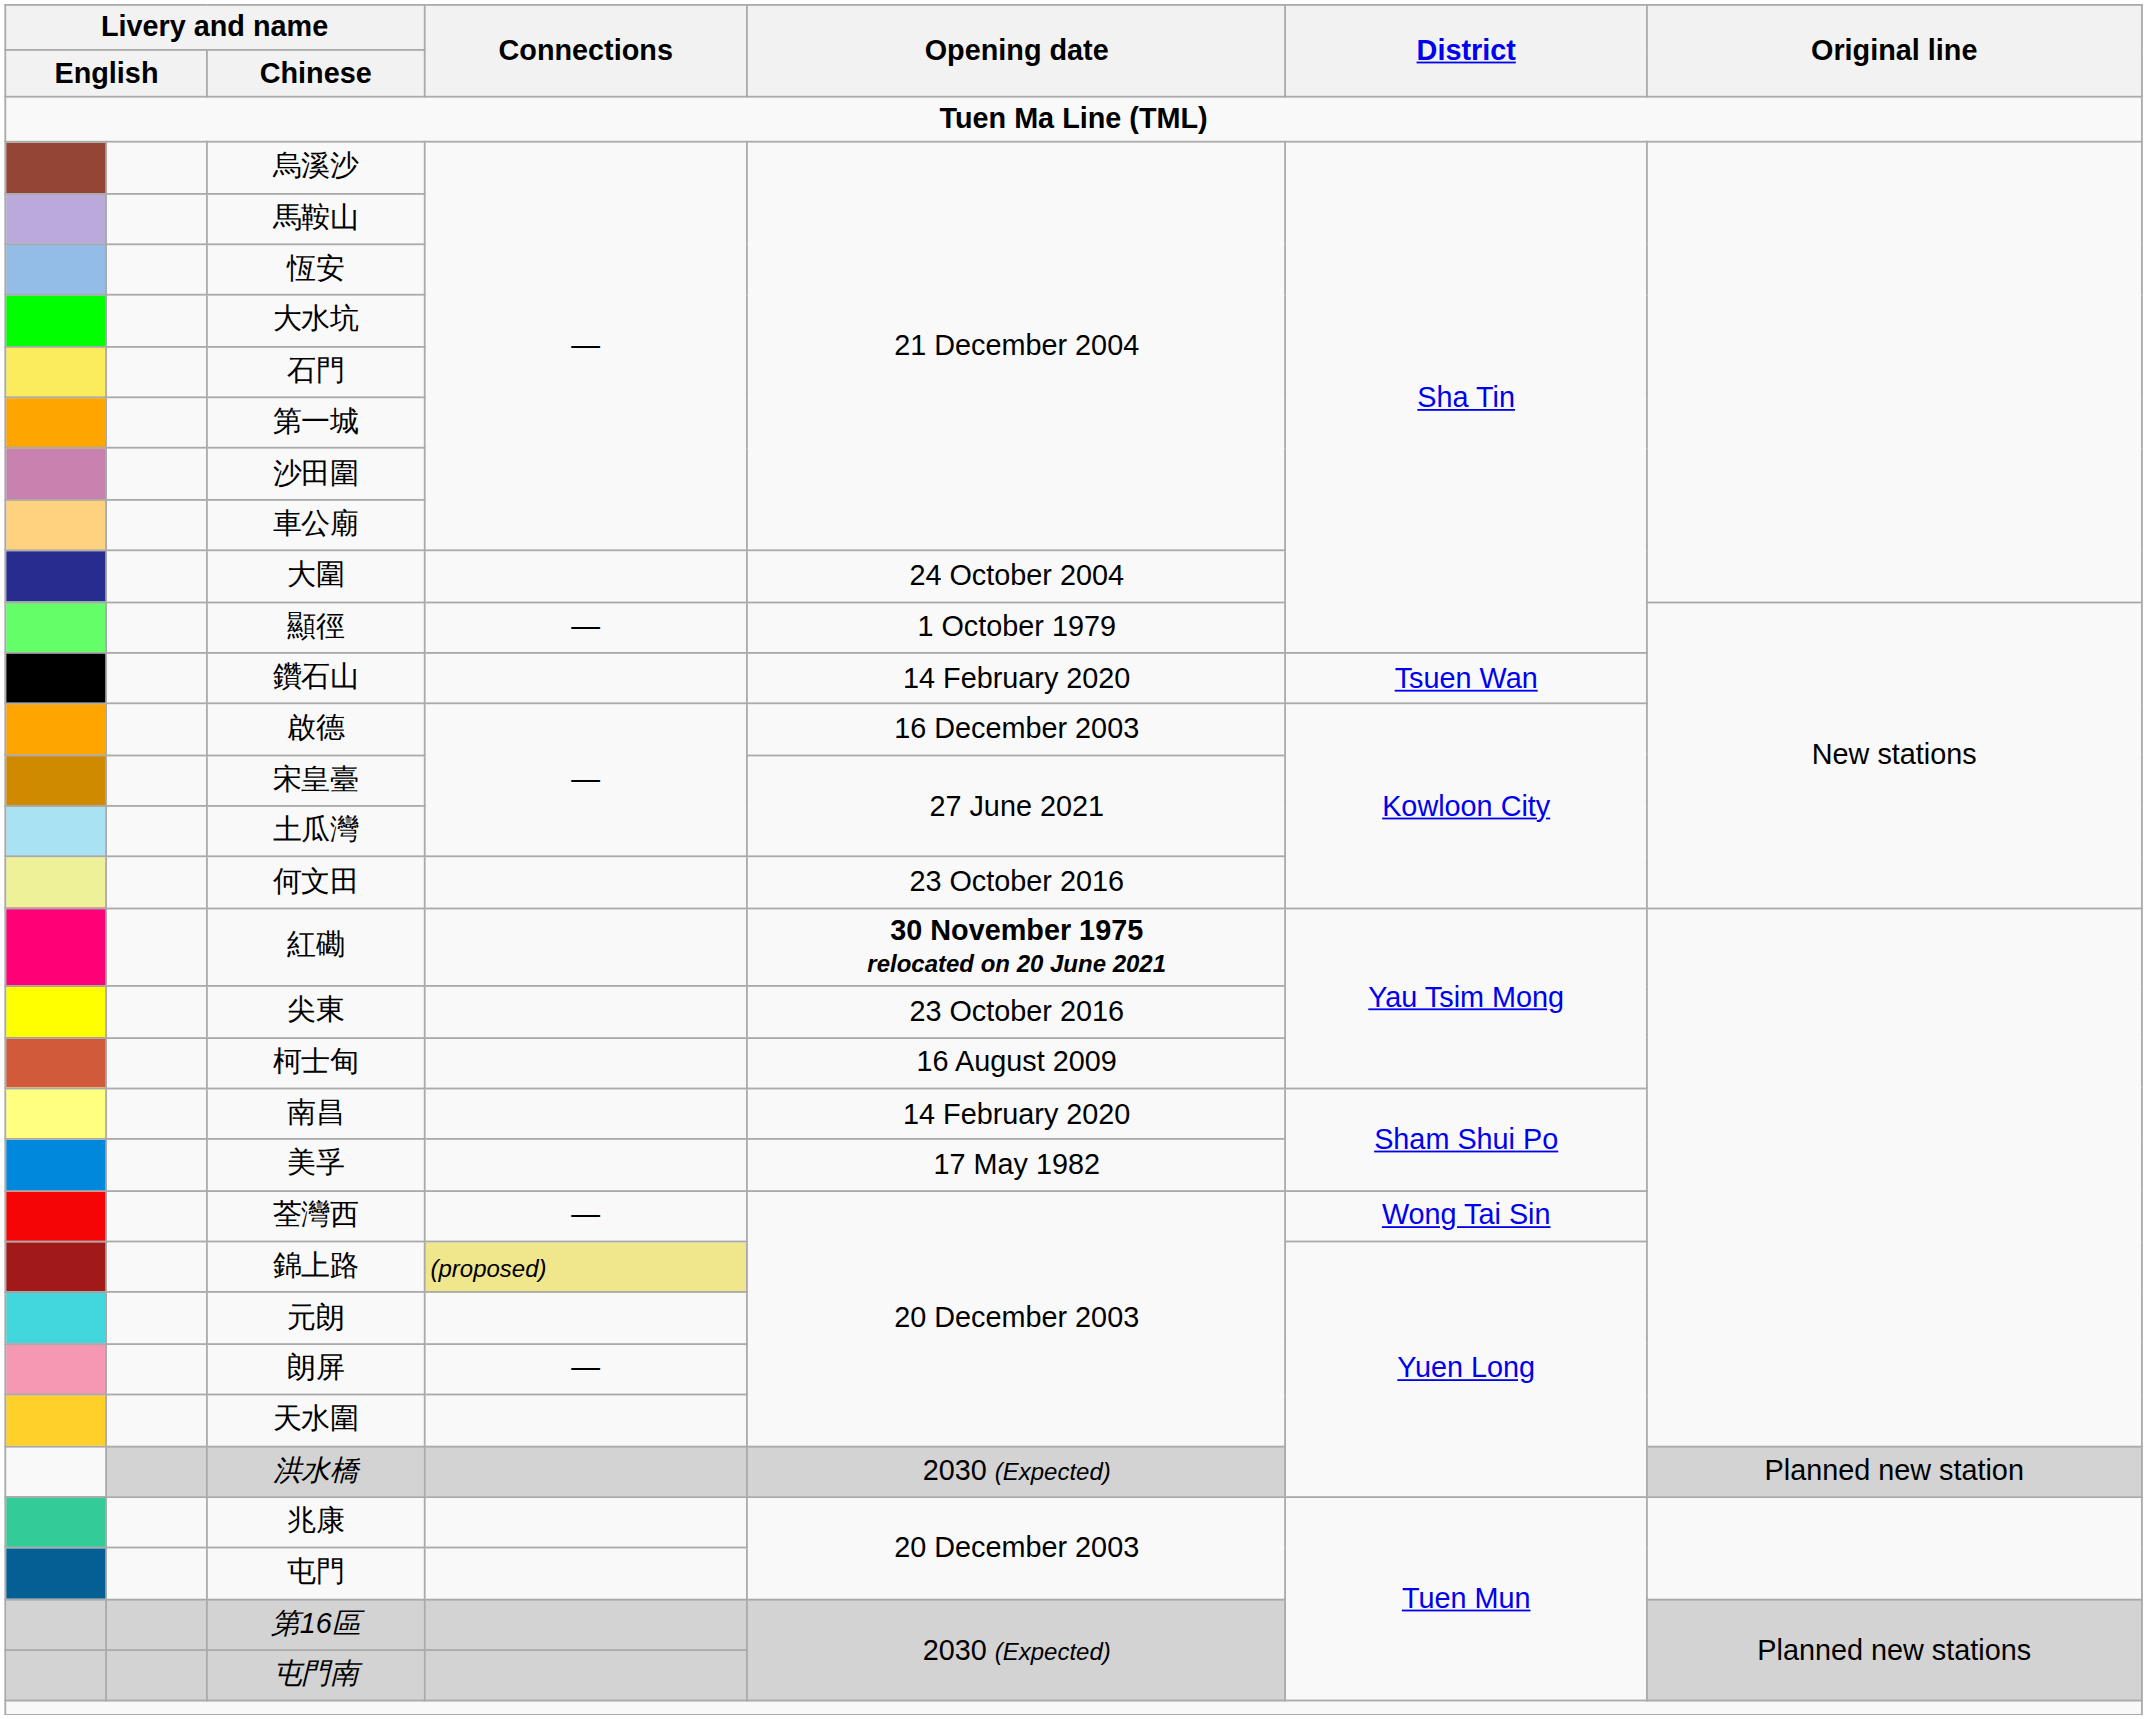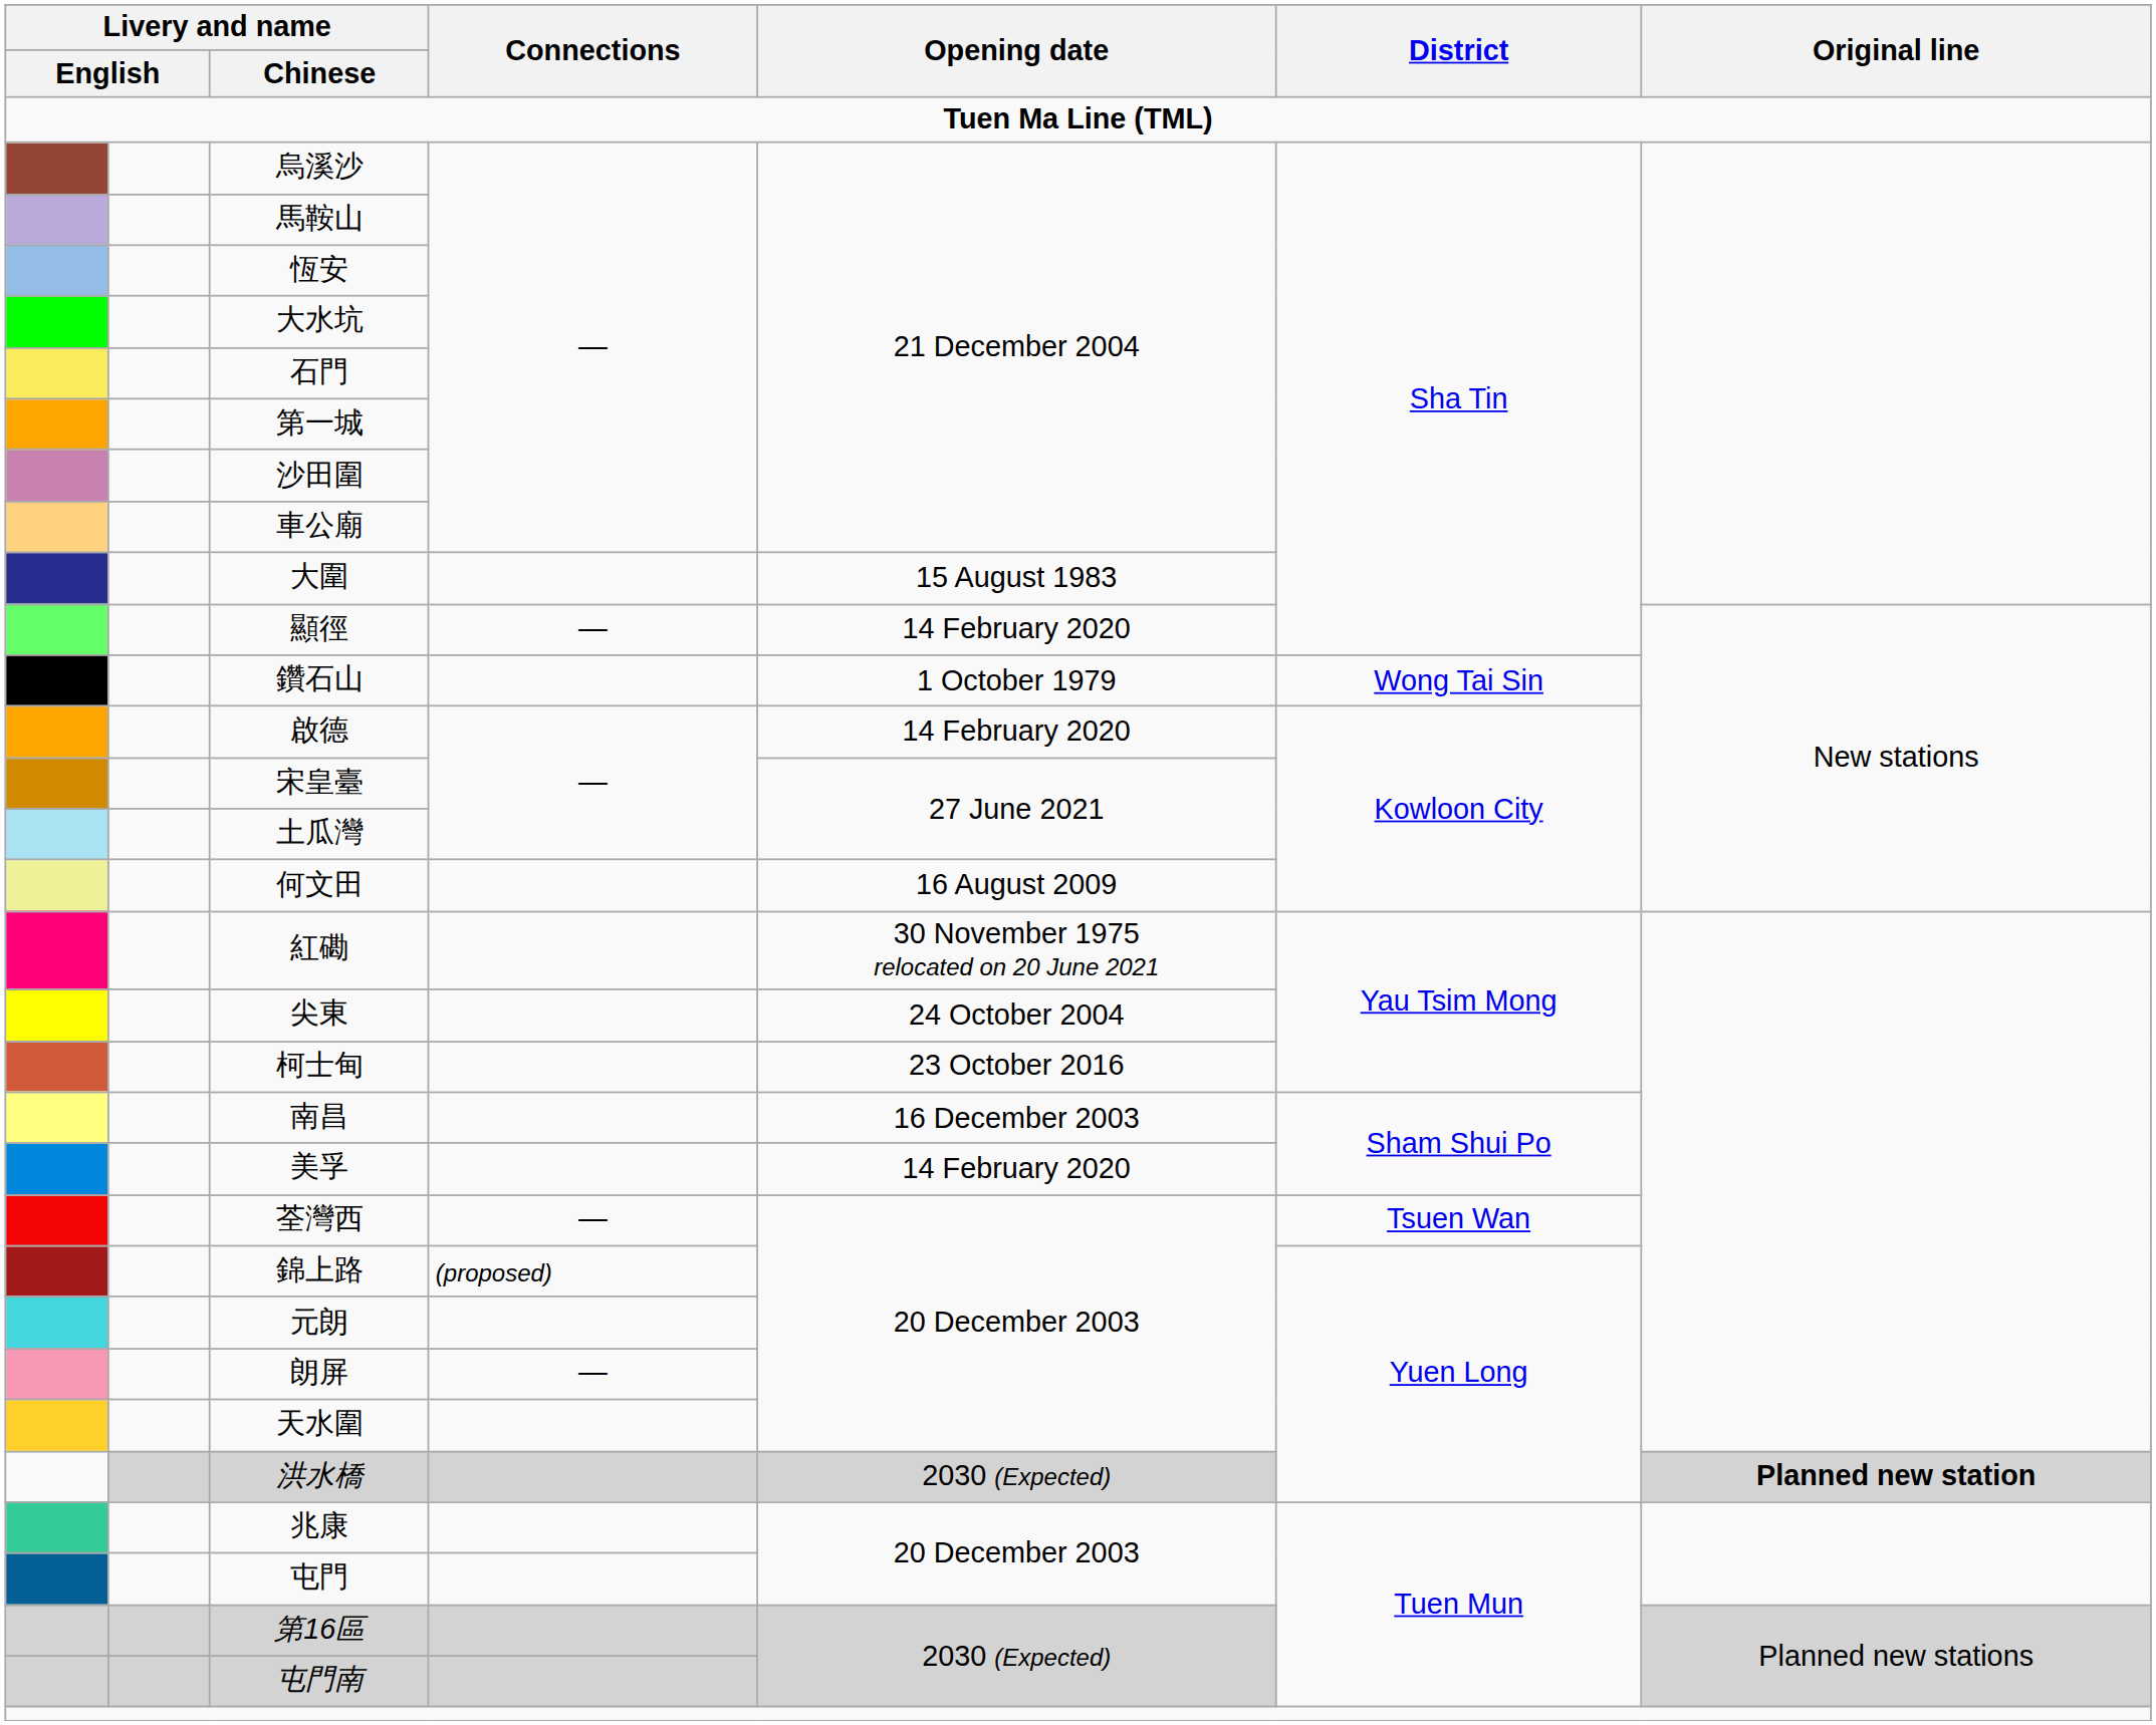 <table class="wikitable" style="width: 75%; margin: 0.5em auto; text-align: center">
 <tr>
 <th colspan="3">Livery and name</th>
 <th rowspan="2">Connections</th>
 <th rowspan="2">Opening date</th>
 <th rowspan="2"><a href='#'>District</a></th>
 <th rowspan="2">Original line</th>
 </tr>
 <tr>
 <th colspan="2">English</th>
 <th>Chinese</th>
 </tr>
 <tr>
 <td colspan = "7" style="text-align:center;"><strong><span>Tuen Ma Line (TML)</span></strong></td>
 </tr>
 <tr>
 <td style="background:#954535"></td>
 <td><strong></strong></td>
 <td>烏溪沙</td>
 <td rowspan="8">—</td>
 <td rowspan="8">21 December 2004</td>
 <td rowspan="10"><a href='#'>Sha Tin</a></td>
 <td rowspan="9"></td>
 </tr>
 <tr>
 <td style="background:#BAAADB"></td>
 <td><strong></strong></td>
 <td>馬鞍山</td>
 </tr>
 <tr>
 <td style="background:#93BCE6"></td>
 <td><strong></strong></td>
 <td>恆安</td>
 </tr>
 <tr>
 <td style="background:#00FF00"></td>
 <td><strong></strong></td>
 <td>大水坑</td>
 </tr>
 <tr>
 <td style="background:#FBEC5D"></td>
 <td><strong></strong></td>
 <td>石門</td>
 </tr>
 <tr>
 <td style="background:#FFA500"></td>
 <td><strong></strong></td>
 <td>第一城</td>
 </tr>
 <tr>
 <td style="background:#C882B0"></td>
 <td><strong></strong></td>
 <td>沙田圍</td>
 </tr>
 <tr>
 <td style="background:#FFD280"></td>
 <td><strong></strong></td>
 <td>車公廟</td>
 </tr>
 <tr>
 <td style="background:#282C8F"></td>
 <td><strong></strong></td>
 <td>大圍</td>
 <td style="text-align:left;"></td>
-<td>24 October 2004</td>
+<td rowspan="1">15 August 1983</td>
 </tr>
 <tr>
 <td style="background:#64FF68"></td>
 <td><strong></strong></td>
 <td>顯徑</td>
 <td>—</td>
-<td rowspan="1">1 October 1979</td>
+<td>14 February 2020</td>
 <td rowspan="6">New stations</td>
 </tr>
 <tr>
 <td style="background: black"></td>
 <td><strong></strong></td>
 <td>鑽石山</td>
 <td style="text-align:left;"></td>
-<td>14 February 2020</td>
-<td><a href='#'>Tsuen Wan</a></td>
+<td rowspan="1">1 October 1979</td>
+<td><a href='#'>Wong Tai Sin</a></td>
 </tr>
 <tr>
 <td style="background:#FFA500"></td>
 <td><strong></strong></td>
 <td>啟德</td>
 <td rowspan="3">—</td>
-<td rowspan="1">16 December 2003</td>
+<td>14 February 2020</td>
 <td rowspan="4"><a href='#'>Kowloon City</a></td>
 </tr>
 <tr>
 <td style="background:#d08a00"></td>
 <td><strong></strong></td>
 <td>宋皇臺</td>
 <td rowspan="2">27 June 2021</td>
 </tr>
 <tr>
 <td style="background:#A9E2F3"></td>
 <td><strong></strong></td>
 <td>土瓜灣</td>
 </tr>
 <tr>
 <td style="background:#EEF198"></td>
 <td><strong></strong></td>
 <td>何文田</td>
 <td style="text-align:left;"></td>
-<td rowspan="1">23 October 2016</td>
+<td>16 August 2009</td>
 </tr>
 <tr>
 <td style="background:#FF0077"></td>
 <td><strong></strong></td>
 <td>紅磡</td>
 <td style="text-align:left;"></td>
-<td><strong>30 November 1975<small><br><em>relocated on 20 June 2021</em></small></strong></td>
+<td>30 November 1975<small><br><em>relocated on 20 June 2021</em></small></td>
 <td rowspan="3"><a href='#'>Yau Tsim Mong</a></td>
 <td rowspan="10"></td>
 </tr>
 <tr>
 <td style="background:#FFFF00"></td>
 <td><strong></strong></td>
 <td>尖東</td>
 <td style="text-align:left;"></td>
-<td rowspan="1">23 October 2016</td>
+<td>24 October 2004</td>
 </tr>
 <tr>
 <td style="background:#D05A3A"></td>
 <td><strong></strong></td>
 <td>柯士甸</td>
 <td style="text-align:left;"></td>
-<td>16 August 2009</td>
+<td rowspan="1">23 October 2016</td>
 </tr>
 <tr>
 <td style="background:#FFFF80"></td>
 <td><strong></strong></td>
 <td>南昌</td>
 <td style="text-align:left;"></td>
-<td>14 February 2020</td>
+<td rowspan="1">16 December 2003</td>
 <td rowspan="2"><a href='#'>Sham Shui Po</a></td>
 </tr>
 <tr>
 <td style="background:#0088DD"></td>
 <td><strong></strong></td>
 <td>美孚</td>
 <td style="text-align:left;"></td>
-<td rowspan="1">17 May 1982</td>
+<td>14 February 2020</td>
 </tr>
 <tr>
 <td style="background: #f50505"></td>
 <td><strong></strong></td>
 <td>荃灣西</td>
 <td>—</td>
 <td rowspan="5">20 December 2003</td>
-<td><a href='#'>Wong Tai Sin</a></td>
+<td><a href='#'>Tsuen Wan</a></td>
 </tr>
 <tr>
 <td style="background:#A11919"></td>
 <td><strong></strong></td>
 <td>錦上路</td>
-<td style="background: khaki; text-align:left;"><em> <small>(proposed)</small></em></td>
+<td style="text-align:left;"><em> <small>(proposed)</small></em></td>
 <td rowspan="5"><a href='#'>Yuen Long</a></td>
 </tr>
 <tr>
 <td style="background:#42D7DC"></td>
 <td><strong></strong></td>
 <td>元朗</td>
 <td style="text-align:left;"></td>
 </tr>
 <tr>
 <td style="background:#F697B4"></td>
 <td><strong></strong></td>
 <td>朗屏</td>
 <td>—</td>
 </tr>
 <tr>
 <td style="background:#FFCF2A"></td>
 <td><strong></strong></td>
 <td>天水圍</td>
 <td style="text-align:left;"></td>
 </tr>
 <tr>
 <td></td>
 <td style="background-color:lightgrey;"><strong><em></em></strong></td>
 <td style="background-color:lightgrey;"><em>洪水橋</em></td>
 <td style="background-color:lightgrey;"></td>
 <td style="background-color:lightgrey;">2030 <small><em>(Expected)</em></small></td>
-<td style="background-color:lightgrey;">Planned new station</td>
+<td style="background-color:lightgrey;"><strong>Planned new station</strong></td>
 </tr>
 <tr>
 <td style="background:#33CC99"></td>
 <td><strong></strong></td>
 <td>兆康</td>
 <td style="text-align:left;"></td>
 <td rowspan="2">20 December 2003</td>
 <td rowspan="4"><a href='#'>Tuen Mun</a></td>
 <td rowspan="2"></td>
 </tr>
 <tr>
 <td style="background:#035F94"></td>
 <td><strong></strong></td>
 <td>屯門</td>
 <td style="text-align:left;"></td>
 </tr>
 <tr>
 <td style="background-color:lightgrey;"></td>
 <td style="background-color:lightgrey;"><strong><em></em></strong></td>
 <td style="background-color:lightgrey;"><em>第16區</em></td>
 <td style="background-color:lightgrey;"></td>
 <td rowspan="2"; style="background-color:lightgrey;">2030 <small><em>(Expected)</em></small></td>
 <td rowspan="2"; style="background-color:lightgrey;">Planned new stations</td>
 </tr>
 <tr>
 <td style="background-color:lightgrey;"></td>
 <td style="background-color:lightgrey;"><strong><em></em></strong></td>
 <td style="background-color:lightgrey;"><em>屯門南</em></td>
 <td style="background-color:lightgrey;"></td>
 </tr>
 <tr>
 <td colspan = "7"></td>
 </tr>
 </table>
